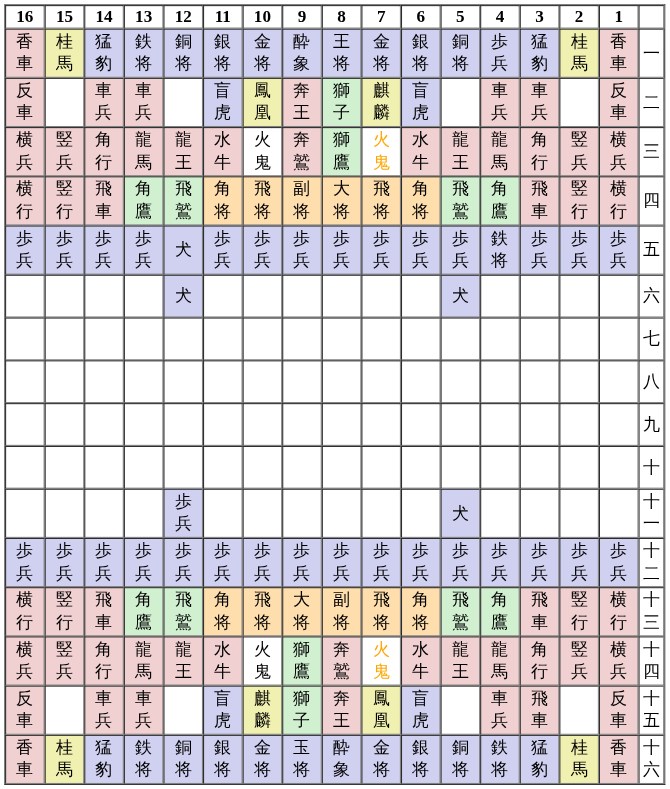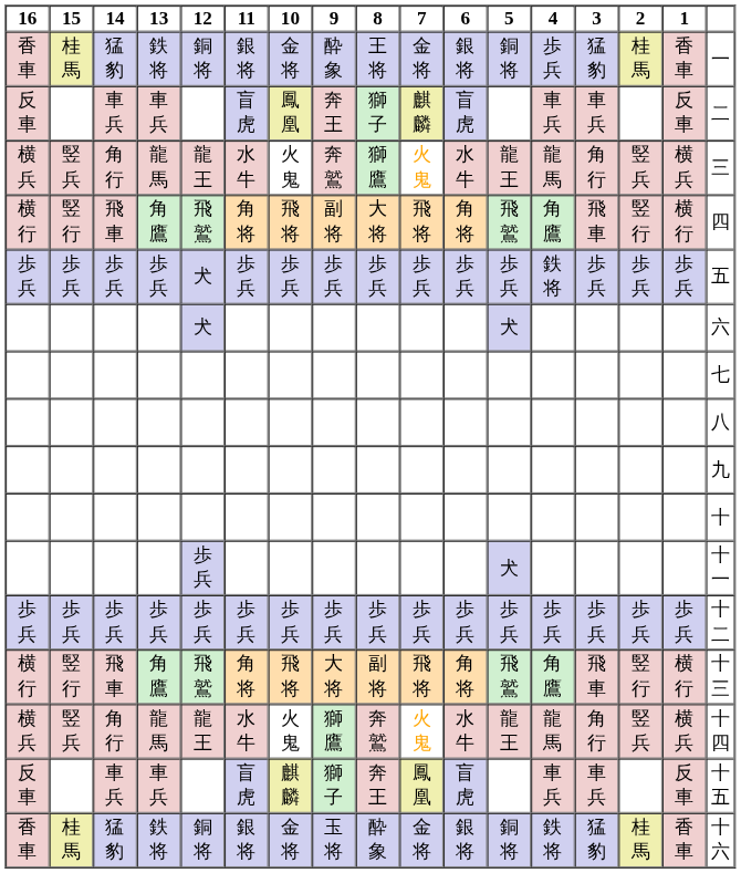 <table border="1" cellspacing="0">
 <tr align=center border="0" style="background:white;">
 <th style="width:33px">16</th>
 <th style="width:33px">15</th>
 <th style="width:33px">14</th>
 <th style="width:33px">13</th>
 <th style="width:33px">12</th>
 <th style="width:33px">11</th>
 <th style="width:33px">10</th>
 <th style="width:33px">9</th>
 <th style="width:33px">8</th>
 <th style="width:33px">7</th>
 <th style="width:33px">6</th>
 <th style="width:33px">5</th>
 <th style="width:33px">4</th>
 <th style="width:33px">3</th>
 <th style="width:33px">2</th>
 <th style="width:33px">1</th>
 <th> </th>
 </tr>
 <tr align=center>
 <td style="background:#f0d0d0;">香<br>車</td>
 <td style="background:#f0f0b0;">桂<br>馬</td>
 <td style="background:#d0d0f0;">猛<br>豹</td>
 <td style="background:#d0d0f0;">鉄<br>将</td>
 <td style="background:#d0d0f0;">銅<br>将</td>
 <td style="background:#d0d0f0;">銀<br>将</td>
 <td style="background:#d0d0f0;">金<br>将</td>
 <td style="background:#d0d0f0;">酔<br>象</td>
 <td style="background:#d0d0f0;">王<br>将</td>
 <td style="background:#d0d0f0;">金<br>将</td>
 <td style="background:#d0d0f0;">銀<br>将</td>
 <td style="background:#d0d0f0;">銅<br>将</td>
 <td style="background:#d0d0f0;">歩<br>兵</td>
 <td style="background:#d0d0f0;">猛<br>豹</td>
 <td style="background:#f0f0b0;">桂<br>馬</td>
 <td style="background:#f0d0d0;">香<br>車</td>
 <td style="width:20px" style="background:white;">一</td>
 </tr>
 <tr align=center>
 <td style="background:#f0d0d0;">反<br>車</td>
 <td> </td>
 <td style="background:#f0d0d0;">車<br>兵</td>
 <td style="background:#f0d0d0;">車<br>兵</td>
 <td> </td>
 <td style="background:#d0d0f0;">盲<br>虎</td>
 <td style="background:#f0f0b0;">鳳<br>凰</td>
 <td style="background:#f0d0d0;">奔<br>王</td>
 <td style="background:#d0f0d0;">獅<br>子</td>
 <td style="background:#f0f0b0;">麒<br>麟</td>
 <td style="background:#d0d0f0;">盲<br>虎</td>
 <td> </td>
 <td style="background:#f0d0d0;">車<br>兵</td>
 <td style="background:#f0d0d0;">車<br>兵</td>
 <td> </td>
 <td style="background:#f0d0d0;">反<br>車</td>
 <td style="background:white;">二</td>
 </tr>
 <tr align=center>
 <td style="background:#f0d0d0;">横<br>兵</td>
 <td style="background:#f0d0d0;">竪<br>兵</td>
 <td style="background:#f0d0d0;">角<br>行</td>
 <td style="background:#f0d0d0;">龍<br>馬</td>
 <td style="background:#f0d0d0;">龍<br>王</td>
 <td style="background:#f0d0d0;">水<br>牛</td>
 <td style="background:white;" style="color:orange">火<br>鬼</td>
 <td style="background:#f0d0d0;">奔<br>鷲</td>
 <td style="background:#d0f0d0;">獅<br>鷹</td>
 <td style="background:white; color:orange">火<br>鬼</td>
 <td style="background:#f0d0d0;">水<br>牛</td>
 <td style="background:#f0d0d0;">龍<br>王</td>
 <td style="background:#f0d0d0;">龍<br>馬</td>
 <td style="background:#f0d0d0;">角<br>行</td>
 <td style="background:#f0d0d0;">竪<br>兵</td>
 <td style="background:#f0d0d0;">横<br>兵</td>
 <td style="background:white;">三</td>
 </tr>
 <tr align=center>
 <td style="background:#f0d0d0;">横<br>行</td>
 <td style="background:#f0d0d0;">竪<br>行</td>
 <td style="background:#f0d0d0;">飛<br>車</td>
 <td style="background:#d0f0d0;">角<br>鷹</td>
 <td style="background:#d0f0d0;">飛<br>鷲</td>
 <td style="background:#ffdead;">角<br>将</td>
 <td style="background:#ffdead;">飛<br>将</td>
 <td style="background:#ffdead;">副<br>将</td>
 <td style="background:#ffdead;">大<br>将</td>
 <td style="background:#ffdead;">飛<br>将</td>
 <td style="background:#ffdead;">角<br>将</td>
 <td style="background:#d0f0d0;">飛<br>鷲</td>
 <td style="background:#d0f0d0;">角<br>鷹</td>
 <td style="background:#f0d0d0;">飛<br>車</td>
 <td style="background:#f0d0d0;">竪<br>行</td>
 <td style="background:#f0d0d0;">横<br>行</td>
 <td style="background:white;">四</td>
 </tr>
 <tr align=center>
 <td style="background:#d0d0f0;">歩<br>兵</td>
 <td style="background:#d0d0f0;">歩<br>兵</td>
 <td style="background:#d0d0f0;">歩<br>兵</td>
 <td style="background:#d0d0f0;">歩<br>兵</td>
 <td style="background:#d0d0f0;">犬</td>
 <td style="background:#d0d0f0;">歩<br>兵</td>
 <td style="background:#d0d0f0;">歩<br>兵</td>
 <td style="background:#d0d0f0;">歩<br>兵</td>
 <td style="background:#d0d0f0;">歩<br>兵</td>
 <td style="background:#d0d0f0;">歩<br>兵</td>
 <td style="background:#d0d0f0;">歩<br>兵</td>
 <td style="background:#d0d0f0;">歩<br>兵</td>
 <td style="background:#d0d0f0;">鉄<br>将</td>
 <td style="background:#d0d0f0;">歩<br>兵</td>
 <td style="background:#d0d0f0;">歩<br>兵</td>
 <td style="background:#d0d0f0;">歩<br>兵</td>
 <td style="background:white;">五</td>
 </tr>
 <tr align=center>
 <td> <br> </td>
 <td> </td>
 <td> </td>
 <td> </td>
 <td style="background:#d0d0f0;">犬</td>
 <td> </td>
 <td> </td>
 <td> </td>
 <td> </td>
 <td> </td>
 <td> </td>
 <td style="background:#d0d0f0;">犬</td>
 <td> </td>
 <td> </td>
 <td> </td>
 <td> </td>
 <td style="background:white;">六</td>
 </tr>
 <tr align=center>
 <td> <br> </td>
 <td> </td>
 <td> </td>
 <td> </td>
 <td> </td>
 <td> </td>
 <td> </td>
 <td> </td>
 <td> </td>
 <td> </td>
 <td> </td>
 <td> </td>
 <td> </td>
 <td> </td>
 <td> </td>
 <td> </td>
 <td style="background:white;">七</td>
 </tr>
 <tr align=center>
 <td> <br> </td>
 <td> </td>
 <td> </td>
 <td> </td>
 <td> </td>
 <td> </td>
 <td> </td>
 <td> </td>
 <td> </td>
 <td> </td>
 <td> </td>
 <td> </td>
 <td> </td>
 <td> </td>
 <td> </td>
 <td> </td>
 <td style="background:white;">八</td>
 </tr>
 <tr align=center>
 <td> <br> </td>
 <td> </td>
 <td> </td>
 <td> </td>
 <td> </td>
 <td> </td>
 <td> </td>
 <td> </td>
 <td> </td>
 <td> </td>
 <td> </td>
 <td> </td>
 <td> </td>
 <td> </td>
 <td> </td>
 <td> </td>
 <td style="background:white;">九</td>
 </tr>
 <tr align=center>
 <td> <br> </td>
 <td> </td>
 <td> </td>
 <td> </td>
 <td> </td>
 <td> </td>
 <td> </td>
 <td> </td>
 <td> </td>
 <td> </td>
 <td> </td>
 <td> </td>
 <td> </td>
 <td> </td>
 <td> </td>
 <td> </td>
 <td style="background:white;">十</td>
 </tr>
 <tr align=center>
 <td> <br> </td>
 <td> </td>
 <td> </td>
 <td> </td>
 <td style="background:#d0d0f0;">歩<br>兵</td>
 <td> </td>
 <td> </td>
 <td> </td>
 <td> </td>
 <td> </td>
 <td> </td>
 <td style="background:#d0d0f0;">犬</td>
 <td> </td>
 <td> </td>
 <td> </td>
 <td> </td>
 <td style="background:white;">十<br>一</td>
 </tr>
 <tr align=center>
 <td style="background:#d0d0f0;">歩<br>兵</td>
 <td style="background:#d0d0f0;">歩<br>兵</td>
 <td style="background:#d0d0f0;">歩<br>兵</td>
 <td style="background:#d0d0f0;">歩<br>兵</td>
 <td style="background:#d0d0f0;">歩<br>兵</td>
 <td style="background:#d0d0f0;">歩<br>兵</td>
 <td style="background:#d0d0f0;">歩<br>兵</td>
 <td style="background:#d0d0f0;">歩<br>兵</td>
 <td style="background:#d0d0f0;">歩<br>兵</td>
 <td style="background:#d0d0f0;">歩<br>兵</td>
 <td style="background:#d0d0f0;">歩<br>兵</td>
 <td style="background:#d0d0f0;">歩<br>兵</td>
 <td style="background:#d0d0f0;">歩<br>兵</td>
 <td style="background:#d0d0f0;">歩<br>兵</td>
 <td style="background:#d0d0f0;">歩<br>兵</td>
 <td style="background:#d0d0f0;">歩<br>兵</td>
 <td style="background:white;">十<br>二</td>
 </tr>
 <tr align=center>
 <td style="background:#f0d0d0;">横<br>行</td>
 <td style="background:#f0d0d0;">竪<br>行</td>
 <td style="background:#f0d0d0;">飛<br>車</td>
 <td style="background:#d0f0d0;">角<br>鷹</td>
 <td style="background:#d0f0d0;">飛<br>鷲</td>
 <td style="background:#ffdead;">角<br>将</td>
 <td style="background:#ffdead;">飛<br>将</td>
 <td style="background:#ffdead;">大<br>将</td>
 <td style="background:#ffdead;">副<br>将</td>
 <td style="background:#ffdead;">飛<br>将</td>
 <td style="background:#ffdead;">角<br>将</td>
 <td style="background:#d0f0d0;">飛<br>鷲</td>
 <td style="background:#d0f0d0;">角<br>鷹</td>
 <td style="background:#f0d0d0;">飛<br>車</td>
 <td style="background:#f0d0d0;">竪<br>行</td>
 <td style="background:#f0d0d0;">横<br>行</td>
 <td style="background:white;">十<br>三</td>
 </tr>
 <tr align=center>
 <td style="background:#f0d0d0;">横<br>兵</td>
 <td style="background:#f0d0d0;">竪<br>兵</td>
 <td style="background:#f0d0d0;">角<br>行</td>
 <td style="background:#f0d0d0;">龍<br>馬</td>
 <td style="background:#f0d0d0;">龍<br>王</td>
 <td style="background:#f0d0d0;">水<br>牛</td>
 <td style="background:white;" style="color:orange">火<br>鬼</td>
 <td style="background:#d0f0d0;">獅<br>鷹</td>
 <td style="background:#f0d0d0;">奔<br>鷲</td>
 <td style="background:white; color:orange">火<br>鬼</td>
 <td style="background:#f0d0d0;">水<br>牛</td>
 <td style="background:#f0d0d0;">龍<br>王</td>
 <td style="background:#f0d0d0;">龍<br>馬</td>
 <td style="background:#f0d0d0;">角<br>行</td>
 <td style="background:#f0d0d0;">竪<br>兵</td>
 <td style="background:#f0d0d0;">横<br>兵</td>
 <td style="background:white;">十<br>四</td>
 </tr>
 <tr align=center>
 <td style="background:#f0d0d0;">反<br>車</td>
 <td> </td>
 <td style="background:#f0d0d0;">車<br>兵</td>
 <td style="background:#f0d0d0;">車<br>兵</td>
 <td> </td>
 <td style="background:#d0d0f0;">盲<br>虎</td>
 <td style="background:#f0f0b0;">麒<br>麟</td>
 <td style="background:#d0f0d0;">獅<br>子</td>
 <td style="background:#f0d0d0;">奔<br>王</td>
 <td style="background:#f0f0b0;">鳳<br>凰</td>
 <td style="background:#d0d0f0;">盲<br>虎</td>
 <td> </td>
 <td style="background:#f0d0d0;">車<br>兵</td>
-<td style="background:#f0d0d0;">飛<br>車</td>
+<td style="background:#f0d0d0;">車<br>兵</td>
 <td> </td>
 <td style="background:#f0d0d0;">反<br>車</td>
 <td style="background:white;">十<br>五</td>
 </tr>
 <tr align=center>
 <td style="background:#f0d0d0;">香<br>車</td>
 <td style="background:#f0f0b0;">桂<br>馬</td>
 <td style="background:#d0d0f0;">猛<br>豹</td>
 <td style="background:#d0d0f0;">鉄<br>将</td>
 <td style="background:#d0d0f0;">銅<br>将</td>
 <td style="background:#d0d0f0;">銀<br>将</td>
 <td style="background:#d0d0f0;">金<br>将</td>
 <td style="background:#d0d0f0;">玉<br>将</td>
 <td style="background:#d0d0f0;">酔<br>象</td>
 <td style="background:#d0d0f0;">金<br>将</td>
 <td style="background:#d0d0f0;">銀<br>将</td>
 <td style="background:#d0d0f0;">銅<br>将</td>
 <td style="background:#d0d0f0;">鉄<br>将</td>
 <td style="background:#d0d0f0;">猛<br>豹</td>
 <td style="background:#f0f0b0;">桂<br>馬</td>
 <td style="background:#f0d0d0;">香<br>車</td>
 <td style="background:white;">十<br>六</td>
 </tr>
 </table>
